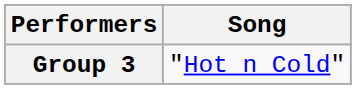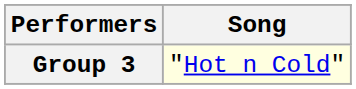 <table class="wikitable unsortable" style="text-align:center;">
 <tr>
 <th scope="col">Performers</th>
 <th scope="col">Song</th>
 </tr>
 <tr>
 <th scope="row">Group 3</th>
-<td>"<a href='#'>Hot n Cold</a>"</td>
+<td style="background: lightyellow;">"<a href='#'>Hot n Cold</a>"</td>
 </tr>
 </table>
